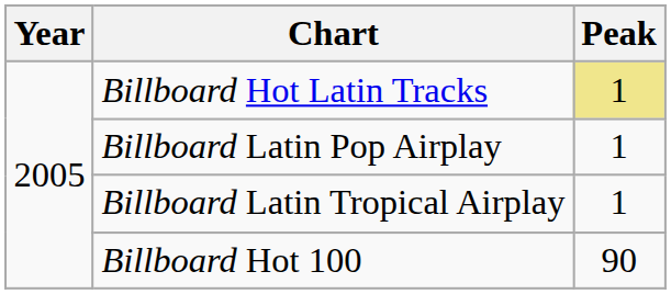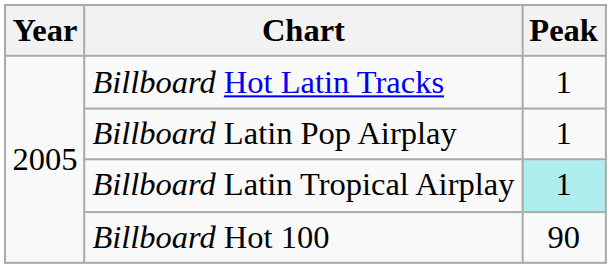 <table class="wikitable">
 <tr>
 <th>Year</th>
 <th>Chart</th>
 <th>Peak</th>
 </tr>
 <tr>
 <td rowspan="4">2005</td>
 <td><em>Billboard</em> <a href='#'>Hot Latin Tracks</a></td>
-<td align="center" style="background: khaki;">1</td>
+<td align="center">1</td>
 </tr>
 <tr>
 <td><em>Billboard</em> Latin Pop Airplay</td>
 <td align="center">1</td>
 </tr>
 <tr>
 <td><em>Billboard</em> Latin Tropical Airplay</td>
-<td align="center">1</td>
+<td align="center" style="background: paleturquoise;">1</td>
 </tr>
 <tr>
 <td><em>Billboard</em> Hot 100</td>
 <td align="center">90</td>
 </tr>
 </table>
